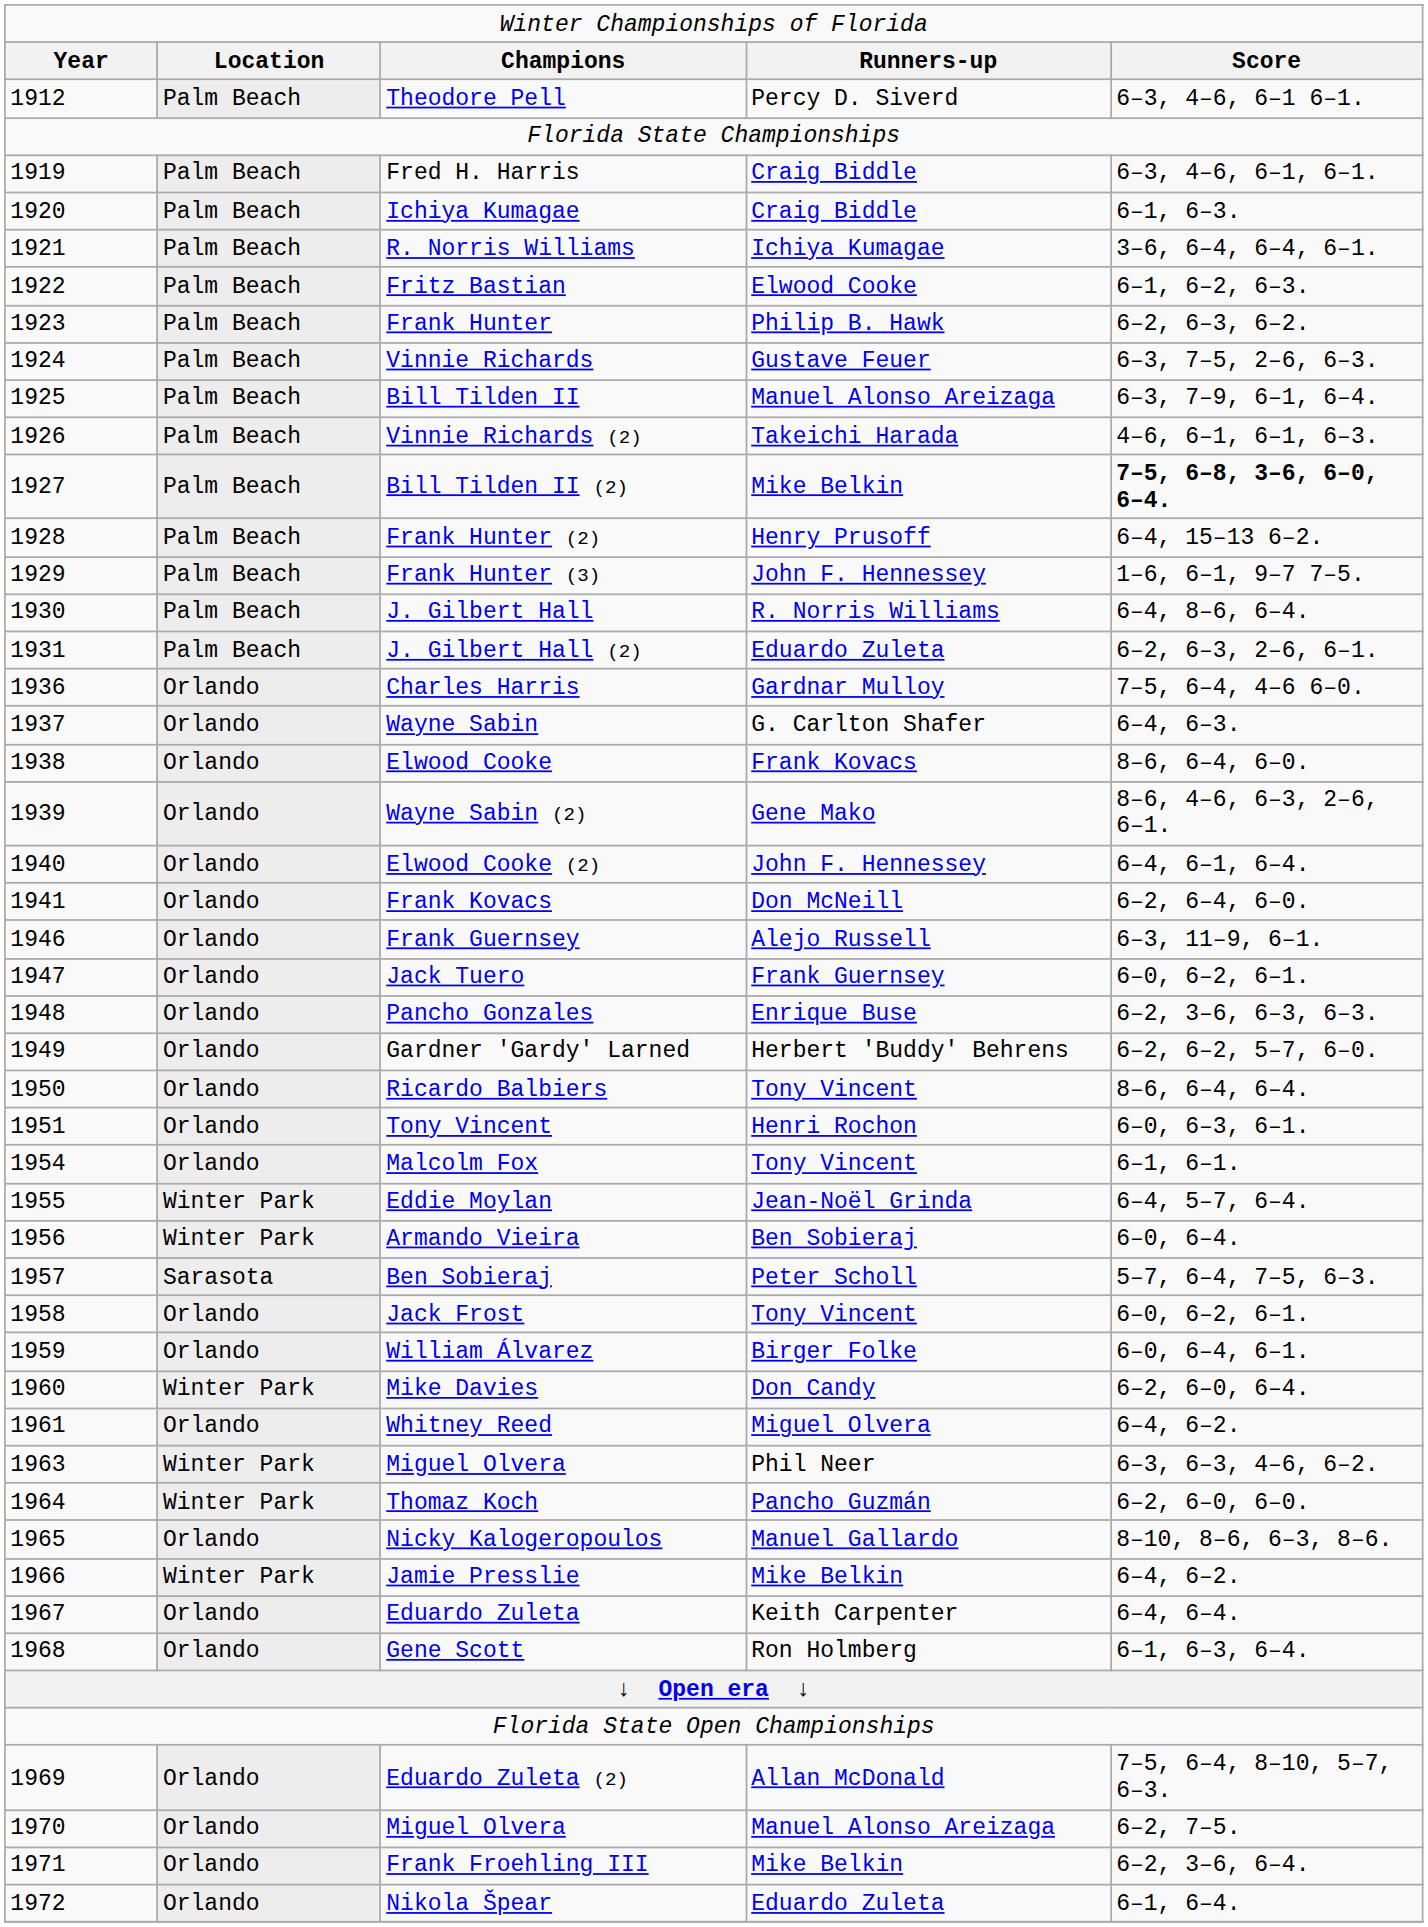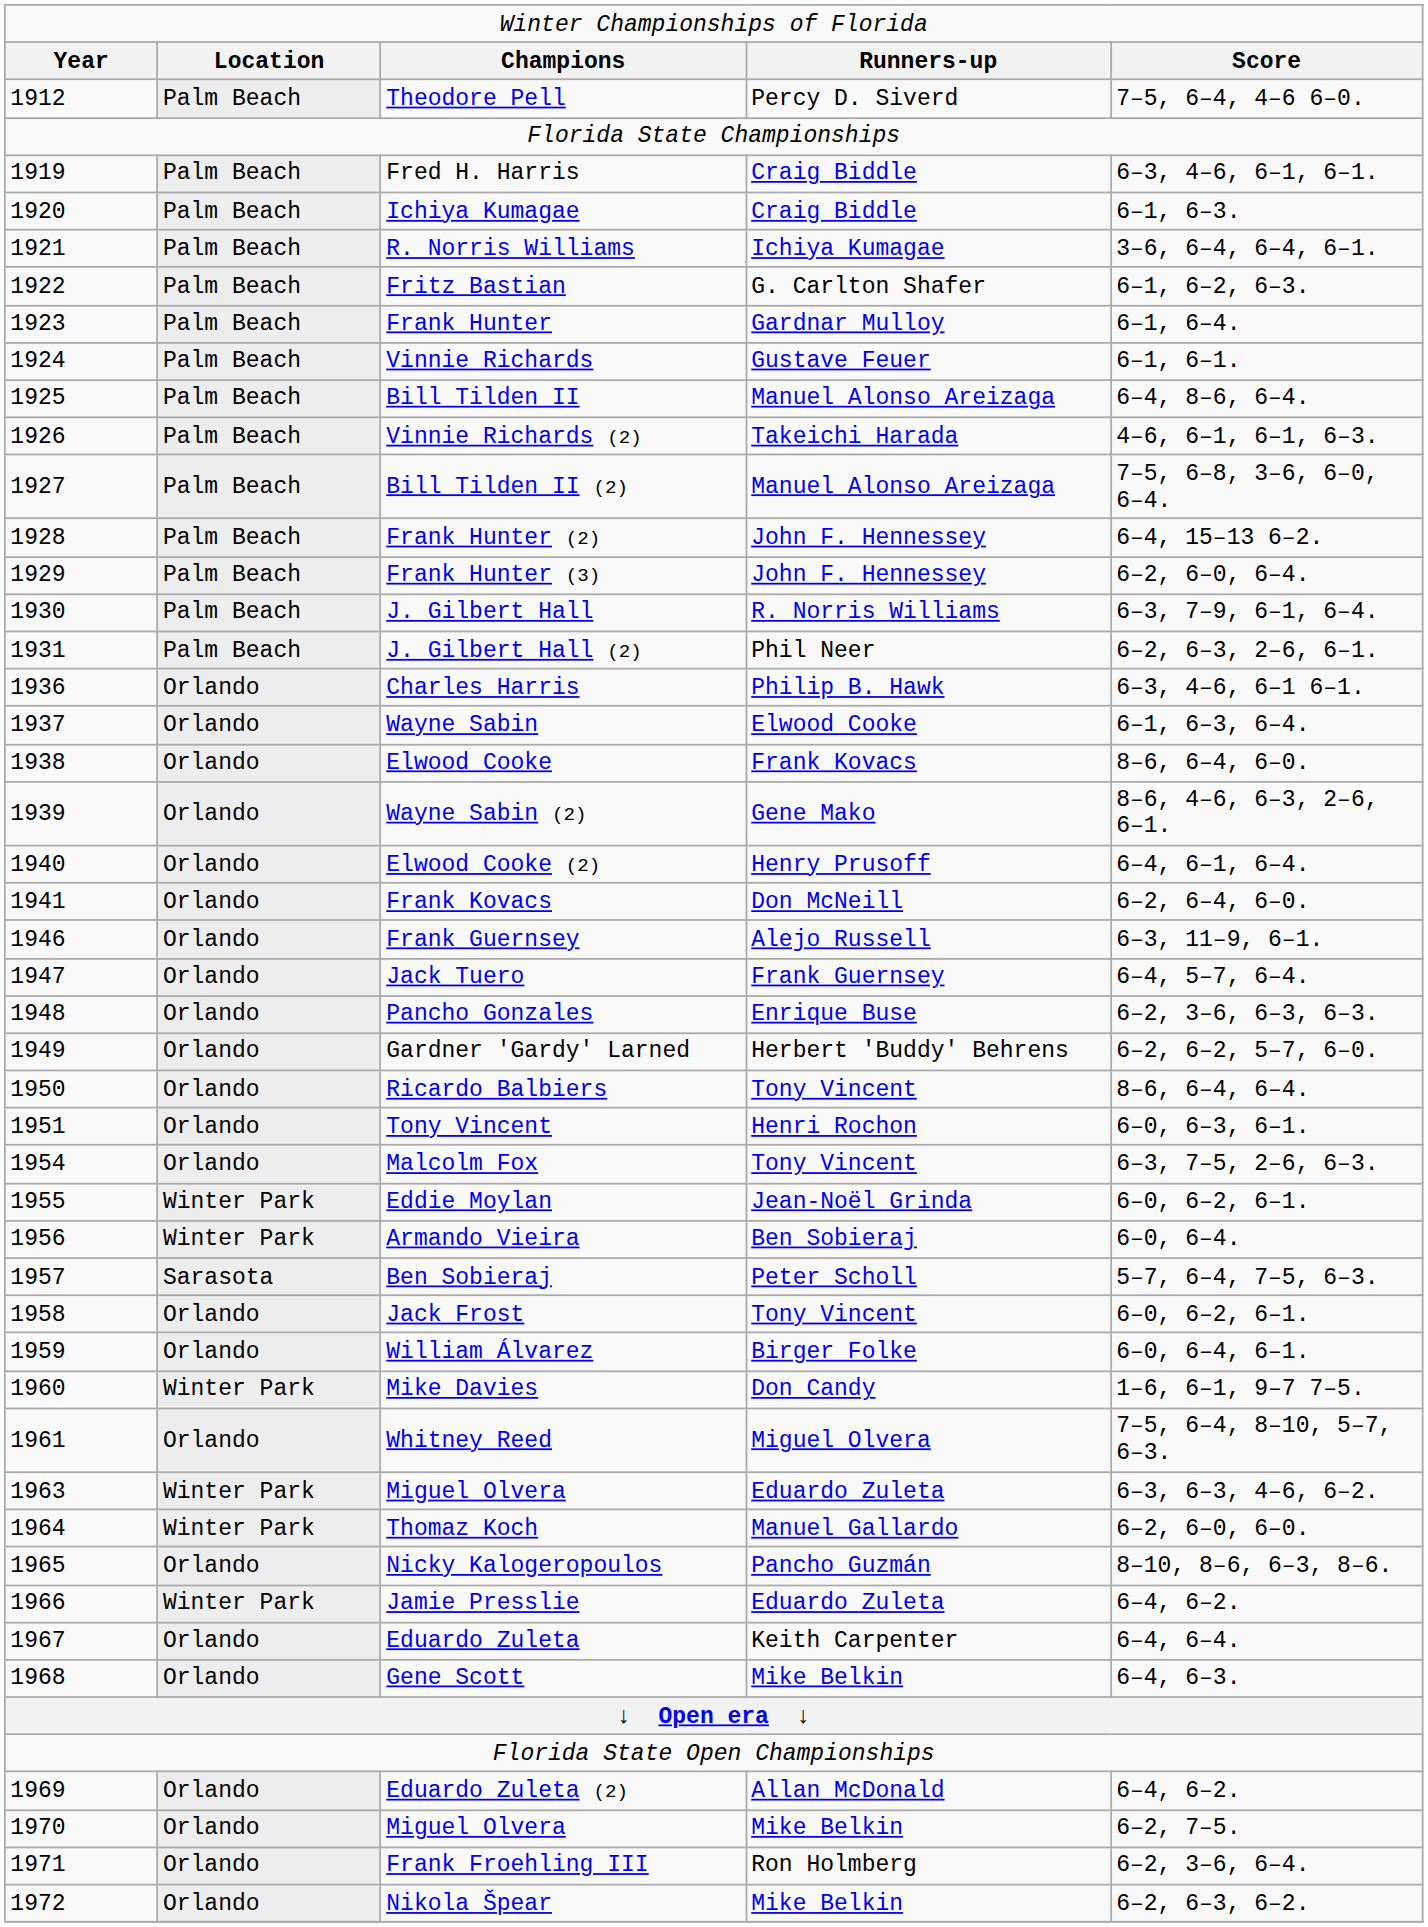 <table class="wikitable">
 <tr>
 <td colspan=5 align=center><em>Winter Championships of Florida</em></td>
 </tr>
 <tr>
 <th style="width:80px">Year</th>
 <th style="width:120px">Location</th>
 <th style="width:200px">Champions</th>
 <th style="width:200px">Runners-up</th>
 <th style="width:170px" class="unsortable">Score</th>
 </tr>
 <tr>
 <td>1912</td>
 <td style="background:#ededed">Palm Beach</td>
 <td> <a href='#'>Theodore Pell</a></td>
 <td> Percy D. Siverd</td>
-<td>6–3, 4–6, 6–1 6–1.</td>
+<td>7–5, 6–4, 4–6 6–0.</td>
 </tr>
 <tr>
 <td colspan=5 align=center><em>Florida State Championships</em></td>
 </tr>
 <tr>
 <td>1919</td>
 <td style="background:#ededed">Palm Beach</td>
 <td> Fred H. Harris</td>
 <td> <a href='#'>Craig Biddle</a></td>
 <td>6–3, 4–6, 6–1, 6–1.</td>
 </tr>
 <tr>
 <td>1920</td>
 <td style="background:#ededed">Palm Beach</td>
 <td> <a href='#'>Ichiya Kumagae</a></td>
 <td> <a href='#'>Craig Biddle</a></td>
 <td>6–1, 6–3.</td>
 </tr>
 <tr>
 <td>1921</td>
 <td style="background:#ededed">Palm Beach</td>
 <td> <a href='#'>R. Norris Williams</a></td>
 <td> <a href='#'>Ichiya Kumagae</a></td>
 <td>3–6, 6–4, 6–4, 6–1.</td>
 </tr>
 <tr>
 <td>1922</td>
 <td style="background:#ededed">Palm Beach</td>
 <td> <a href='#'>Fritz Bastian</a></td>
-<td> <a href='#'>Elwood Cooke</a></td>
+<td> G. Carlton Shafer</td>
 <td>6–1, 6–2, 6–3.</td>
 </tr>
 <tr>
 <td>1923</td>
 <td style="background:#ededed">Palm Beach</td>
 <td> <a href='#'>Frank Hunter</a></td>
-<td> <a href='#'>Philip B. Hawk</a></td>
-<td>6–2, 6–3, 6–2.</td>
+<td> <a href='#'>Gardnar Mulloy</a></td>
+<td>6–1, 6–4.</td>
 </tr>
 <tr>
 <td>1924</td>
 <td style="background:#ededed">Palm Beach</td>
 <td> <a href='#'>Vinnie Richards</a></td>
 <td> <a href='#'>Gustave Feuer</a></td>
-<td>6–3, 7–5, 2–6, 6–3.</td>
+<td>6–1, 6–1.</td>
 </tr>
 <tr>
 <td>1925</td>
 <td style="background:#ededed">Palm Beach</td>
 <td> <a href='#'>Bill Tilden II</a></td>
 <td> <a href='#'>Manuel Alonso Areizaga</a></td>
-<td>6–3, 7–9, 6–1, 6–4.</td>
+<td>6–4, 8–6, 6–4.</td>
 </tr>
 <tr>
 <td>1926</td>
 <td style="background:#ededed">Palm Beach</td>
 <td> <a href='#'>Vinnie Richards</a> <small>(2)</small></td>
 <td> <a href='#'>Takeichi Harada</a></td>
 <td>4–6, 6–1, 6–1, 6–3.</td>
 </tr>
 <tr>
 <td>1927</td>
 <td style="background:#ededed">Palm Beach</td>
 <td> <a href='#'>Bill Tilden II</a> <small>(2)</small></td>
-<td> <a href='#'>Mike Belkin</a></td>
-<td><strong>7–5, 6–8, 3–6, 6–0, 6–4.</strong></td>
+<td> <a href='#'>Manuel Alonso Areizaga</a></td>
+<td>7–5, 6–8, 3–6, 6–0, 6–4.</td>
 </tr>
 <tr>
 <td>1928</td>
 <td style="background:#ededed">Palm Beach</td>
 <td> <a href='#'>Frank Hunter</a> <small>(2)</small></td>
-<td> <a href='#'>Henry Prusoff</a></td>
+<td> <a href='#'>John F. Hennessey</a></td>
 <td>6–4, 15–13 6–2.</td>
 </tr>
 <tr>
 <td>1929</td>
 <td style="background:#ededed">Palm Beach</td>
 <td> <a href='#'>Frank Hunter</a> <small>(3)</small></td>
 <td> <a href='#'>John F. Hennessey</a></td>
-<td>1–6, 6–1, 9–7 7–5.</td>
+<td>6–2, 6–0, 6–4.</td>
 </tr>
 <tr>
 <td>1930</td>
 <td style="background:#ededed">Palm Beach</td>
 <td> <a href='#'>J. Gilbert Hall</a></td>
 <td> <a href='#'>R. Norris Williams</a></td>
-<td>6–4, 8–6, 6–4.</td>
+<td>6–3, 7–9, 6–1, 6–4.</td>
 </tr>
 <tr>
 <td>1931</td>
 <td style="background:#ededed">Palm Beach</td>
 <td> <a href='#'>J. Gilbert Hall</a> <small>(2)</small></td>
-<td> <a href='#'>Eduardo Zuleta</a></td>
+<td> Phil Neer</td>
 <td>6–2, 6–3, 2–6, 6–1.</td>
 </tr>
 <tr>
 <td>1936</td>
 <td style="background:#ededed">Orlando</td>
 <td> <a href='#'>Charles Harris</a></td>
-<td> <a href='#'>Gardnar Mulloy</a></td>
-<td>7–5, 6–4, 4–6 6–0.</td>
+<td> <a href='#'>Philip B. Hawk</a></td>
+<td>6–3, 4–6, 6–1 6–1.</td>
 </tr>
 <tr>
 <td>1937</td>
 <td style="background:#ededed">Orlando</td>
 <td> <a href='#'>Wayne Sabin</a></td>
-<td> G. Carlton Shafer</td>
-<td>6–4, 6–3.</td>
+<td> <a href='#'>Elwood Cooke</a></td>
+<td>6–1, 6–3, 6–4.</td>
 </tr>
 <tr>
 <td>1938</td>
 <td style="background:#ededed">Orlando</td>
 <td> <a href='#'>Elwood Cooke</a></td>
 <td> <a href='#'>Frank Kovacs</a></td>
 <td>8–6, 6–4, 6–0.</td>
 </tr>
 <tr>
 <td>1939</td>
 <td style="background:#ededed">Orlando</td>
 <td> <a href='#'>Wayne Sabin</a> <small>(2)</small></td>
 <td> <a href='#'>Gene Mako</a></td>
 <td>8–6, 4–6, 6–3, 2–6, 6–1.</td>
 </tr>
 <tr>
 <td>1940</td>
 <td style="background:#ededed">Orlando</td>
 <td> <a href='#'>Elwood Cooke</a> <small>(2)</small></td>
-<td> <a href='#'>John F. Hennessey</a></td>
+<td> <a href='#'>Henry Prusoff</a></td>
 <td>6–4, 6–1, 6–4.</td>
 </tr>
 <tr>
 <td>1941</td>
 <td style="background:#ededed">Orlando</td>
 <td> <a href='#'>Frank Kovacs</a></td>
 <td> <a href='#'>Don McNeill</a></td>
 <td>6–2, 6–4, 6–0.</td>
 </tr>
 <tr>
 <td>1946</td>
 <td style="background:#ededed">Orlando</td>
 <td> <a href='#'>Frank Guernsey</a></td>
 <td> <a href='#'>Alejo Russell</a></td>
 <td>6–3, 11–9, 6–1.</td>
 </tr>
 <tr>
 <td>1947</td>
 <td style="background:#ededed">Orlando</td>
 <td> <a href='#'>Jack Tuero</a></td>
 <td> <a href='#'>Frank Guernsey</a></td>
-<td>6–0, 6–2, 6–1.</td>
+<td>6–4, 5–7, 6–4.</td>
 </tr>
 <tr>
 <td>1948</td>
 <td style="background:#ededed">Orlando</td>
 <td> <a href='#'>Pancho Gonzales</a></td>
 <td> <a href='#'>Enrique Buse</a></td>
 <td>6–2, 3–6, 6–3, 6–3.</td>
 </tr>
 <tr>
 <td>1949</td>
 <td style="background:#ededed">Orlando</td>
 <td> Gardner 'Gardy' Larned</td>
 <td> Herbert 'Buddy' Behrens</td>
 <td>6–2, 6–2, 5–7, 6–0.</td>
 </tr>
 <tr>
 <td>1950</td>
 <td style="background:#ededed">Orlando</td>
 <td> <a href='#'>Ricardo Balbiers</a></td>
 <td> <a href='#'>Tony Vincent</a></td>
 <td>8–6, 6–4, 6–4.</td>
 </tr>
 <tr>
 <td>1951</td>
 <td style="background:#ededed">Orlando</td>
 <td> <a href='#'>Tony Vincent</a></td>
 <td> <a href='#'>Henri Rochon</a></td>
 <td>6–0, 6–3, 6–1.</td>
 </tr>
 <tr>
 <td>1954</td>
 <td style="background:#ededed">Orlando</td>
 <td> <a href='#'>Malcolm Fox</a></td>
 <td> <a href='#'>Tony Vincent</a></td>
-<td>6–1, 6–1.</td>
+<td>6–3, 7–5, 2–6, 6–3.</td>
 </tr>
 <tr>
 <td>1955</td>
 <td style="background:#ededed">Winter Park</td>
 <td> <a href='#'>Eddie Moylan</a></td>
 <td> <a href='#'>Jean-Noël Grinda</a></td>
-<td>6–4, 5–7, 6–4.</td>
+<td>6–0, 6–2, 6–1.</td>
 </tr>
 <tr>
 <td>1956</td>
 <td style="background:#ededed">Winter Park</td>
 <td> <a href='#'>Armando Vieira</a></td>
 <td> <a href='#'>Ben Sobieraj</a></td>
 <td>6–0, 6–4.</td>
 </tr>
 <tr>
 <td>1957</td>
 <td style="background:#ededed">Sarasota</td>
 <td> <a href='#'>Ben Sobieraj</a></td>
 <td> <a href='#'>Peter Scholl</a></td>
 <td>5–7, 6–4, 7–5, 6–3.</td>
 </tr>
 <tr>
 <td>1958</td>
 <td style="background:#ededed">Orlando</td>
 <td> <a href='#'>Jack Frost</a></td>
 <td> <a href='#'>Tony Vincent</a></td>
 <td>6–0, 6–2, 6–1.</td>
 </tr>
 <tr>
 <td>1959</td>
 <td style="background:#ededed">Orlando</td>
 <td> <a href='#'>William Álvarez</a></td>
 <td> <a href='#'>Birger Folke</a></td>
 <td>6–0, 6–4, 6–1.</td>
 </tr>
 <tr>
 <td>1960</td>
 <td style="background:#ededed">Winter Park</td>
 <td> <a href='#'>Mike Davies</a></td>
 <td> <a href='#'>Don Candy</a></td>
-<td>6–2, 6–0, 6–4.</td>
+<td>1–6, 6–1, 9–7 7–5.</td>
 </tr>
 <tr>
 <td>1961</td>
 <td style="background:#ededed">Orlando</td>
 <td> <a href='#'>Whitney Reed</a></td>
 <td> <a href='#'>Miguel Olvera</a></td>
-<td>6–4, 6–2.</td>
+<td>7–5, 6–4, 8–10, 5–7, 6–3.</td>
 </tr>
 <tr>
 <td>1963</td>
 <td style="background:#ededed">Winter Park</td>
 <td> <a href='#'>Miguel Olvera</a></td>
-<td> Phil Neer</td>
+<td> <a href='#'>Eduardo Zuleta</a></td>
 <td>6–3, 6–3, 4–6, 6–2.</td>
 </tr>
 <tr>
 <td>1964</td>
 <td style="background:#ededed">Winter Park</td>
 <td> <a href='#'>Thomaz Koch</a></td>
-<td> <a href='#'>Pancho Guzmán</a></td>
+<td> <a href='#'>Manuel Gallardo</a></td>
 <td>6–2, 6–0, 6–0.</td>
 </tr>
 <tr>
 <td>1965</td>
 <td style="background:#ededed">Orlando</td>
 <td> <a href='#'>Nicky Kalogeropoulos</a></td>
-<td> <a href='#'>Manuel Gallardo</a></td>
+<td> <a href='#'>Pancho Guzmán</a></td>
 <td>8–10, 8–6, 6–3, 8–6.</td>
 </tr>
 <tr>
 <td>1966</td>
 <td style="background:#ededed">Winter Park</td>
 <td> <a href='#'>Jamie Presslie</a></td>
-<td> <a href='#'>Mike Belkin</a></td>
+<td> <a href='#'>Eduardo Zuleta</a></td>
 <td>6–4, 6–2.</td>
 </tr>
 <tr>
 <td>1967</td>
 <td style="background:#ededed">Orlando</td>
 <td> <a href='#'>Eduardo Zuleta</a></td>
 <td> Keith Carpenter</td>
 <td>6–4, 6–4.</td>
 </tr>
 <tr>
 <td>1968</td>
 <td style="background:#ededed">Orlando</td>
 <td> <a href='#'>Gene Scott</a></td>
-<td> Ron Holmberg</td>
-<td>6–1, 6–3, 6–4.</td>
+<td> <a href='#'>Mike Belkin</a></td>
+<td>6–4, 6–3.</td>
 </tr>
 <tr>
 <th colspan=5 align=center>↓  <a href='#'>Open era</a>  ↓</th>
 </tr>
 <tr>
 <td colspan=5 align=center><em>Florida State Open Championships</em></td>
 </tr>
 <tr>
 <td>1969</td>
 <td style="background:#ededed">Orlando</td>
 <td> <a href='#'>Eduardo Zuleta</a> <small>(2)</small></td>
 <td> <a href='#'>Allan McDonald</a></td>
-<td>7–5, 6–4, 8–10, 5–7, 6–3.</td>
+<td>6–4, 6–2.</td>
 </tr>
 <tr>
 <td>1970</td>
 <td style="background:#ededed">Orlando</td>
 <td> <a href='#'>Miguel Olvera</a></td>
-<td> <a href='#'>Manuel Alonso Areizaga</a></td>
+<td> <a href='#'>Mike Belkin</a></td>
 <td>6–2, 7–5.</td>
 </tr>
 <tr>
 <td>1971</td>
 <td style="background:#ededed">Orlando</td>
 <td> <a href='#'>Frank Froehling III</a></td>
-<td> <a href='#'>Mike Belkin</a></td>
+<td> Ron Holmberg</td>
 <td>6–2, 3–6, 6–4.</td>
 </tr>
 <tr>
 <td>1972</td>
 <td style="background:#ededed">Orlando</td>
 <td> <a href='#'>Nikola Špear</a></td>
-<td> <a href='#'>Eduardo Zuleta</a></td>
-<td>6–1, 6–4.</td>
+<td> <a href='#'>Mike Belkin</a></td>
+<td>6–2, 6–3, 6–2.</td>
 </tr>
 <tr>
 </tr>
 </table>
